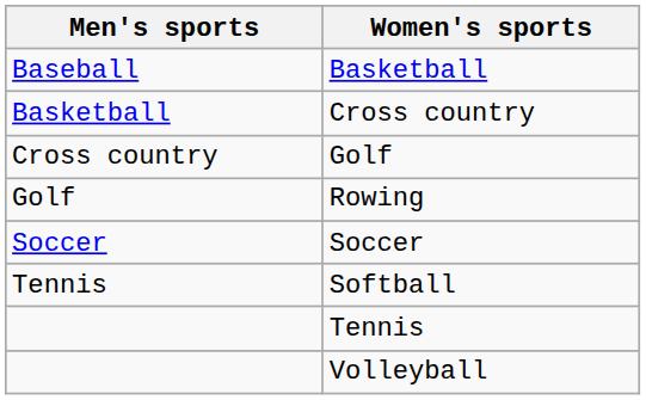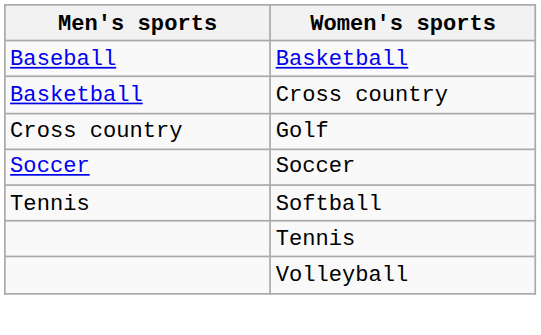 <table class="wikitable" style= " ">
 <tr>
 <th width=150px>Men's sports</th>
 <th width=150px>Women's sports</th>
 </tr>
 <tr>
 <td><a href='#'>Baseball</a></td>
 <td><a href='#'>Basketball</a></td>
 </tr>
 <tr>
 <td><a href='#'>Basketball</a></td>
 <td>Cross country</td>
 </tr>
 <tr>
 <td>Cross country</td>
 <td>Golf</td>
 </tr>
 <tr>
-<td>Golf</td>
-<td>Rowing</td>
-</tr>
-<tr>
 <td><a href='#'>Soccer</a></td>
 <td>Soccer</td>
 </tr>
 <tr>
 <td>Tennis</td>
 <td>Softball</td>
 </tr>
 <tr>
 <td></td>
 <td>Tennis</td>
 </tr>
 <tr>
 <td></td>
 <td>Volleyball</td>
 </tr>
 </table>
